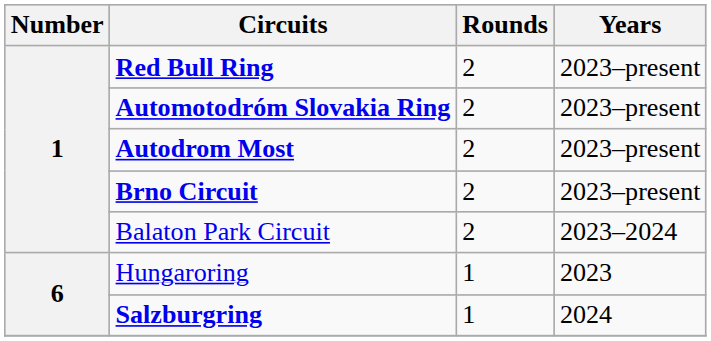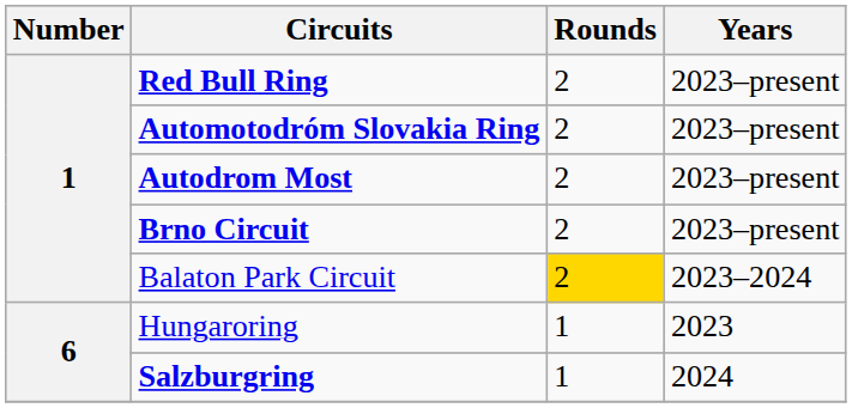 <table class="wikitable" style="text-align=center">
 <tr>
 <th>Number</th>
 <th>Circuits</th>
 <th>Rounds</th>
 <th>Years</th>
 </tr>
 <tr>
 <th rowspan="5">1</th>
 <td> <strong><a href='#'>Red Bull Ring</a></strong></td>
 <td>2</td>
 <td>2023–present</td>
 </tr>
 <tr>
 <td> <strong><a href='#'>Automotodróm Slovakia Ring</a></strong></td>
 <td>2</td>
 <td>2023–present</td>
 </tr>
 <tr>
 <td> <strong><a href='#'>Autodrom Most</a></strong></td>
 <td>2</td>
 <td>2023–present</td>
 </tr>
 <tr>
 <td> <strong><a href='#'>Brno Circuit</a></strong></td>
 <td>2</td>
 <td>2023–present</td>
 </tr>
 <tr>
 <td> <a href='#'>Balaton Park Circuit</a></td>
-<td>2</td>
+<td style="background: gold;">2</td>
 <td>2023–2024</td>
 </tr>
 <tr>
 <th rowspan="2">6</th>
 <td> <a href='#'>Hungaroring</a></td>
 <td>1</td>
 <td>2023</td>
 </tr>
 <tr>
 <td> <strong><a href='#'>Salzburgring</a></strong></td>
 <td>1</td>
 <td>2024</td>
 </tr>
 <tr>
 </tr>
 </table>
